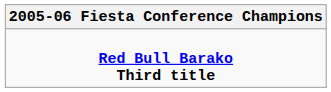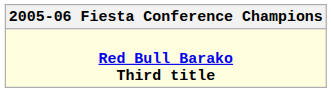 <table class=wikitable style="text-align:center; margin:auto">
 <tr>
 <th>2005-06 Fiesta Conference Champions</th>
 </tr>
 <tr>
-<td><br> <strong><a href='#'>Red Bull Barako</a></strong> <br> <strong>Third title</strong></td>
+<td style="background: lightyellow;"><br> <strong><a href='#'>Red Bull Barako</a></strong> <br> <strong>Third title</strong></td>
 </tr>
 </table>
